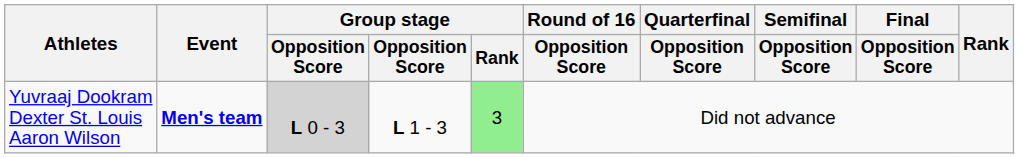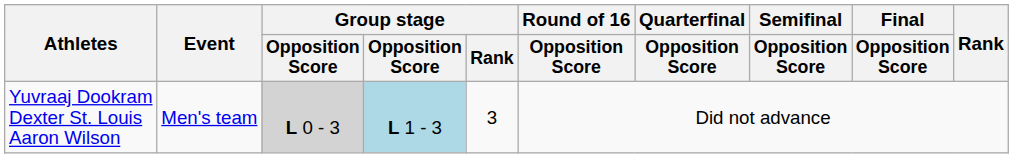 <table class="wikitable" style="font-size:90%">
 <tr>
 <th rowspan=2>Athletes</th>
 <th rowspan=2>Event</th>
 <th colspan=3>Group stage</th>
 <th>Round of 16</th>
 <th>Quarterfinal</th>
 <th>Semifinal</th>
 <th>Final</th>
 <th rowspan=2>Rank</th>
 </tr>
 <tr style="font-size:95%">
 <th>Opposition<br>Score</th>
 <th>Opposition<br>Score</th>
 <th>Rank</th>
 <th>Opposition<br>Score</th>
 <th>Opposition<br>Score</th>
 <th>Opposition<br>Score</th>
 <th>Opposition<br>Score</th>
 </tr>
 <tr align=center>
 <td align=left><a href='#'>Yuvraaj Dookram</a><br><a href='#'>Dexter St. Louis</a><br><a href='#'>Aaron Wilson</a></td>
-<td align=left><strong><a href='#'>Men's team</a></strong></td>
+<td align=left><a href='#'>Men's team</a></td>
 <td style="background: lightgrey;"><br><strong>L</strong> 0 - 3</td>
-<td><br><strong>L</strong> 1 - 3</td>
-<td style="background: lightgreen;">3</td>
+<td style="background: lightblue;"><br><strong>L</strong> 1 - 3</td>
+<td>3</td>
 <td colspan=5>Did not advance</td>
 </tr>
 </table>
